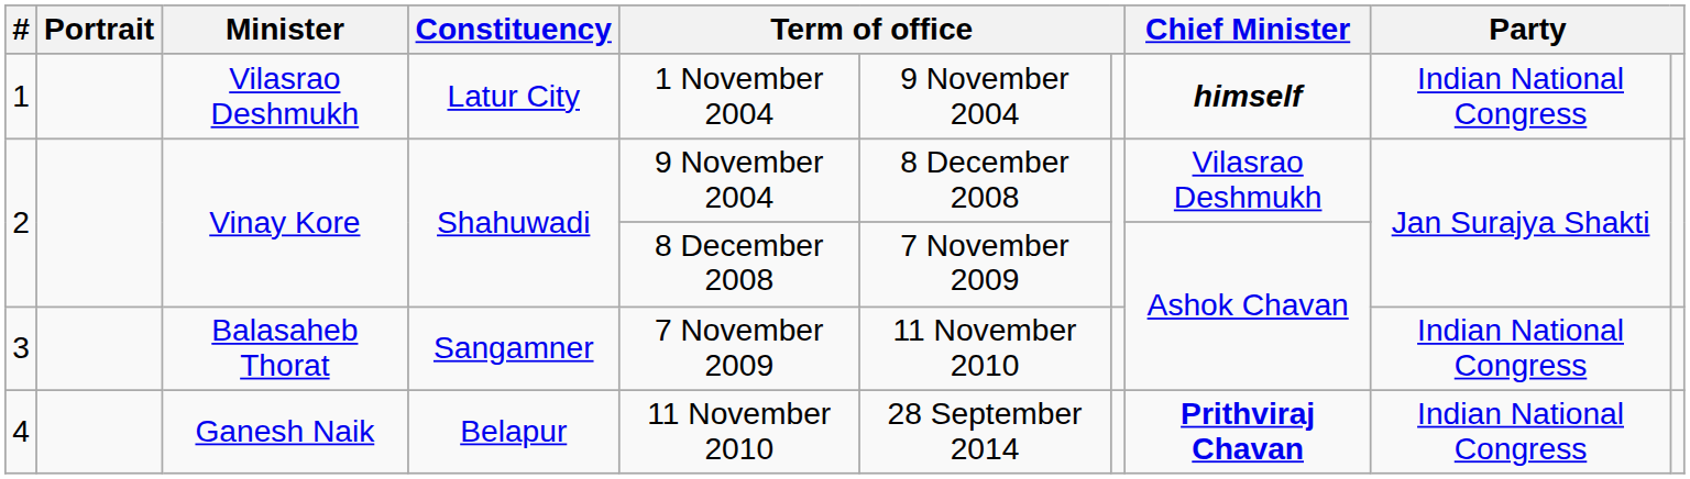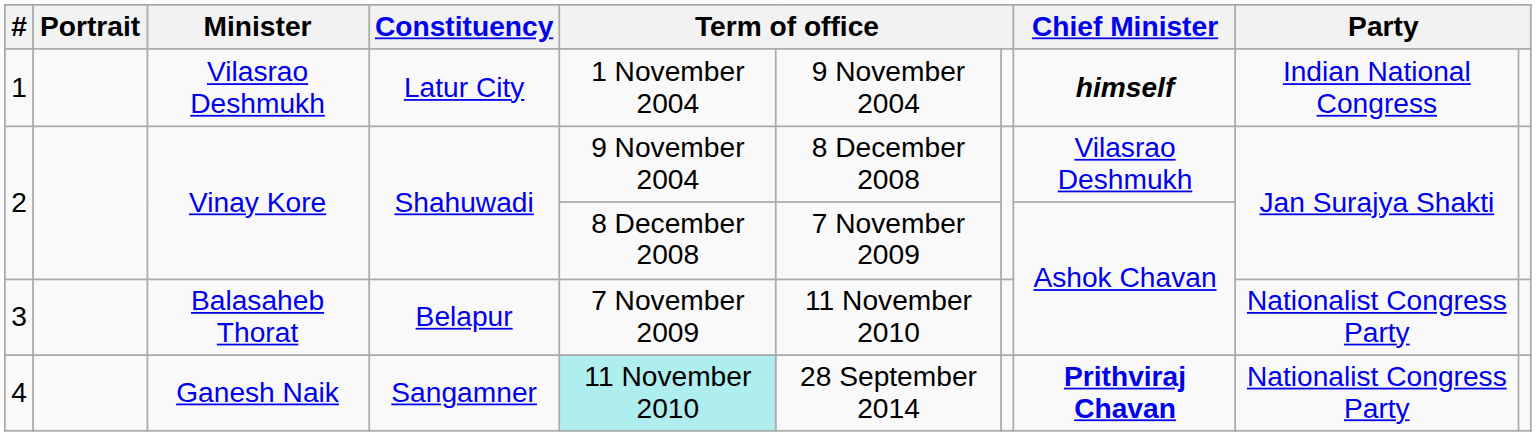 <table class="wikitable" style="text-align:center">
 <tr>
 <th>#</th>
 <th>Portrait</th>
 <th>Minister</th>
 <th><a href='#'>Constituency</a></th>
 <th colspan="3">Term of office</th>
 <th><a href='#'>Chief Minister</a></th>
 <th colspan="2">Party</th>
 </tr>
 <tr>
 <td>1</td>
 <td></td>
 <td><a href='#'>Vilasrao Deshmukh</a></td>
 <td><a href='#'>Latur City</a></td>
 <td>1 November 2004</td>
 <td>9 November 2004</td>
 <td></td>
 <td><strong><em>himself</em></strong></td>
 <td><a href='#'>Indian National Congress</a></td>
 <td style="background-color: "></td>
 </tr>
 <tr>
 <td rowspan="2">2</td>
 <td rowspan="2"></td>
 <td rowspan="2"><a href='#'>Vinay Kore</a></td>
 <td rowspan="2"><a href='#'>Shahuwadi</a></td>
 <td>9 November 2004</td>
 <td>8 December 2008</td>
 <td rowspan="2"></td>
 <td><a href='#'>Vilasrao Deshmukh</a></td>
 <td rowspan="2"><a href='#'>Jan Surajya Shakti</a></td>
 <td rowspan="2" style="background-color: "></td>
 </tr>
 <tr>
 <td>8 December 2008</td>
 <td>7 November 2009</td>
 <td rowspan="2"><a href='#'>Ashok Chavan</a></td>
 </tr>
 <tr>
 <td>3</td>
 <td></td>
 <td><a href='#'>Balasaheb Thorat</a></td>
-<td><a href='#'>Sangamner</a></td>
+<td><a href='#'>Belapur</a></td>
 <td>7 November 2009</td>
 <td>11 November 2010</td>
 <td></td>
-<td><a href='#'>Indian National Congress</a></td>
+<td><a href='#'>Nationalist Congress Party</a></td>
 <td style="background-color: "></td>
 </tr>
 <tr>
 <td>4</td>
 <td></td>
 <td><a href='#'>Ganesh Naik</a></td>
-<td><a href='#'>Belapur</a></td>
-<td>11 November 2010</td>
+<td><a href='#'>Sangamner</a></td>
+<td style="background: paleturquoise;">11 November 2010</td>
 <td>28 September 2014</td>
 <td></td>
 <td><strong><a href='#'>Prithviraj Chavan</a></strong></td>
-<td><a href='#'>Indian National Congress</a></td>
+<td><a href='#'>Nationalist Congress Party</a></td>
 <td style="background-color: "></td>
 </tr>
 </table>
